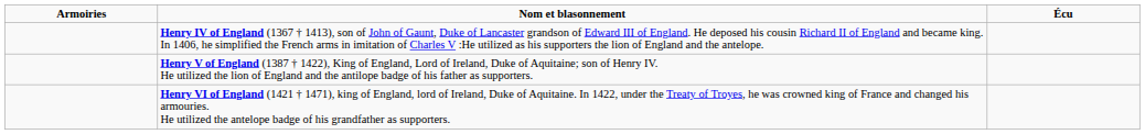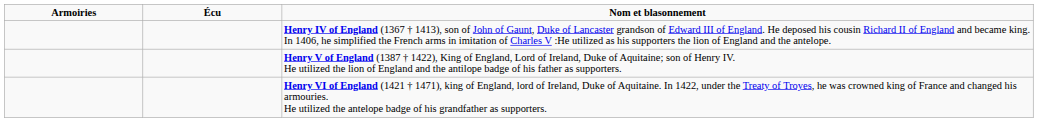 <table width="100%" class="wikitable">
 <tr align=center>
 <td width="206"><strong>Armoiries</strong></td>
+<td width="206"><strong>Écu</strong></td>
 <td><strong>Nom et blasonnement</strong></td>
-<td width="206"><strong>Écu</strong></td>
 </tr>
 <tr>
 <td align=center></td>
+<td align=center><br></td>
 <td><strong><a href='#'>Henry IV of England</a></strong> (1367 † 1413), son of <a href='#'>John of Gaunt</a>, <a href='#'>Duke of Lancaster</a> grandson of <a href='#'>Edward III of England</a>. He deposed his cousin <a href='#'>Richard II of England</a> and became king.<br>In 1406, he simplified the French arms in imitation of <a href='#'>Charles V</a> :He utilized as his supporters the lion of England and the antelope.</td>
-<td align=center><br></td>
 </tr>
 <tr>
 <td align=center></td>
+<td align=center></td>
 <td><strong><a href='#'>Henry V of England</a></strong> (1387 † 1422), King of England, Lord of Ireland, Duke of Aquitaine; son of Henry IV.<br>He utilized the lion of England and the antilope badge of his father as supporters.</td>
-<td align=center></td>
 </tr>
 <tr>
 <td align=center></td>
+<td align=center></td>
 <td><strong><a href='#'>Henry VI of England</a></strong> (1421 † 1471), king of England, lord of Ireland, Duke of Aquitaine. In 1422, under the <a href='#'>Treaty of Troyes</a>, he was crowned king of France and changed his armouries.<br>He utilized the antelope badge of his grandfather as supporters.</td>
-<td align=center></td>
 </tr>
 </table>
